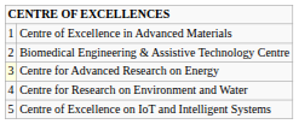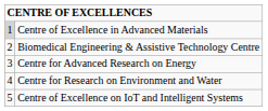 <table class="wikitable">
 <tr>
 <td colspan="2"><strong>CENTRE OF EXCELLENCES</strong></td>
 </tr>
 <tr>
-<td>1</td>
+<td style="background: lightgrey;">1</td>
 <td>Centre of Excellence in Advanced Materials</td>
 </tr>
 <tr>
 <td>2</td>
 <td>Biomedical Engineering & Assistive Technology Centre</td>
 </tr>
 <tr>
-<td style="background: lightyellow;">3</td>
+<td>3</td>
 <td>Centre for Advanced Research on Energy</td>
 </tr>
 <tr>
 <td>4</td>
 <td>Centre for Research on Environment and Water</td>
 </tr>
 <tr>
 <td>5</td>
 <td>Centre of Excellence on IoT and Intelligent Systems</td>
 </tr>
 </table>
